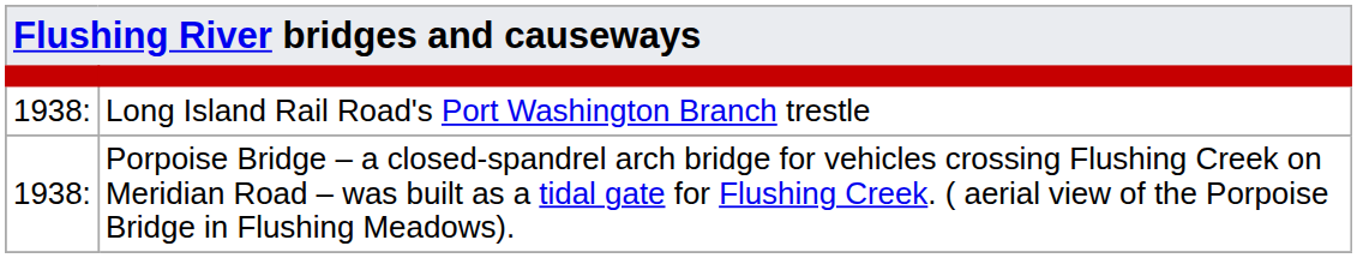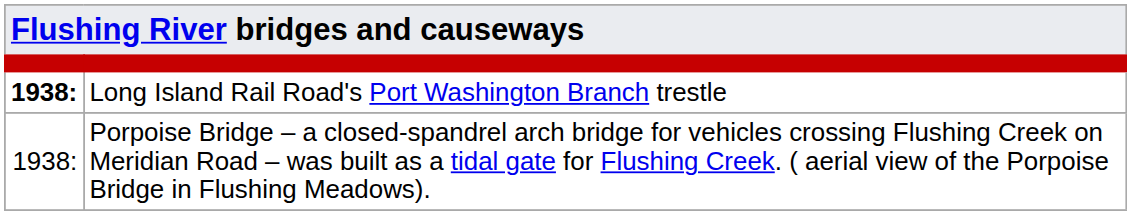 <table class="wikitable sortable collapsible static-row-numbers"; cellpadding="1" style="color: black; background-color: #FFFFFF; font-size: 90%; width:100%">
 <tr class="static-row-header" style="text-align:center;vertical-align:bottom;">
 <th style="text-align:left; background:#eaecf0; border-style: solid; border-width: 0px 0px 0px 0px" colspan=2><big><strong><a href='#'>Flushing River</a> bridges and causeways</strong></big></th>
 </tr>
 <tr style="border-style: solid; border-color: #c60001; border-width: 10px 0px 0px 0px;">
-<td width="5%" style="text-align:right">1938:</td>
+<td width="5%" style="text-align:right"><strong>1938:</strong></td>
 <td width="95%" style="text-align:left; border: 1px darkgray; border-style: none none solid none;">Long Island Rail Road's <a href='#'>Port Washington Branch</a> trestle</td>
 </tr>
 <tr>
 <td width="5%" style="text-align:right">1938:</td>
 <td width="95%" style="text-align:left; border: 1px darkgray; border-style: none none solid none;">Porpoise Bridge – a closed-spandrel arch bridge for vehicles crossing Flushing Creek on Meridian Road – was built as a <a href='#'>tidal gate</a> for <a href='#'>Flushing Creek</a>. ( aerial view of the Porpoise Bridge in Flushing Meadows).</td>
 </tr>
 </table>
